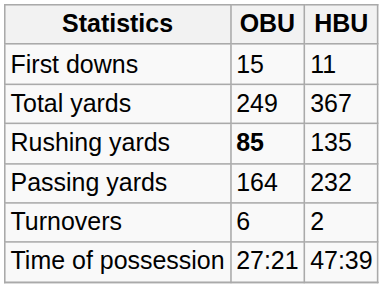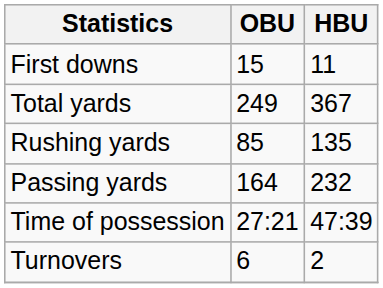 <table class="wikitable">
 <tr>
 <th>Statistics</th>
 <th>OBU</th>
 <th>HBU</th>
 </tr>
 <tr>
 <td>First downs</td>
 <td>15</td>
 <td>11</td>
 </tr>
 <tr>
 <td>Total yards</td>
 <td>249</td>
 <td>367</td>
 </tr>
 <tr>
 <td>Rushing yards</td>
-<td><strong>85</strong></td>
+<td>85</td>
 <td>135</td>
 </tr>
 <tr>
 <td>Passing yards</td>
 <td>164</td>
 <td>232</td>
 </tr>
 <tr>
+<td>Time of possession</td>
+<td>27:21</td>
+<td>47:39</td>
+</tr>
+<tr>
 <td>Turnovers</td>
 <td>6</td>
 <td>2</td>
 </tr>
 <tr>
-<td>Time of possession</td>
-<td>27:21</td>
-<td>47:39</td>
-</tr>
-<tr>
 </tr>
 </table>
